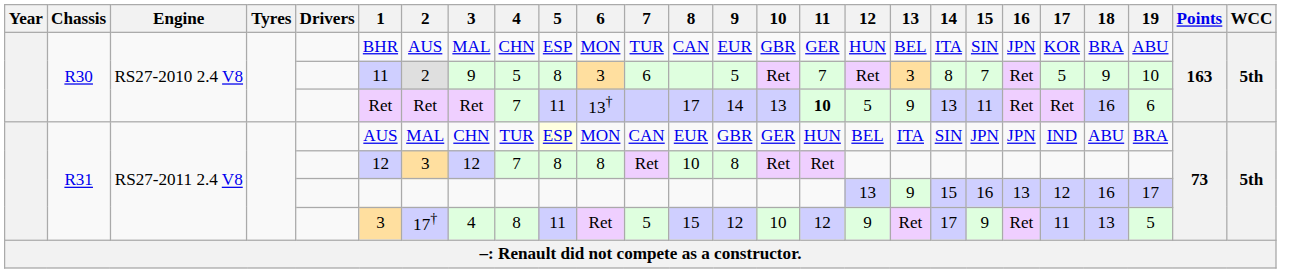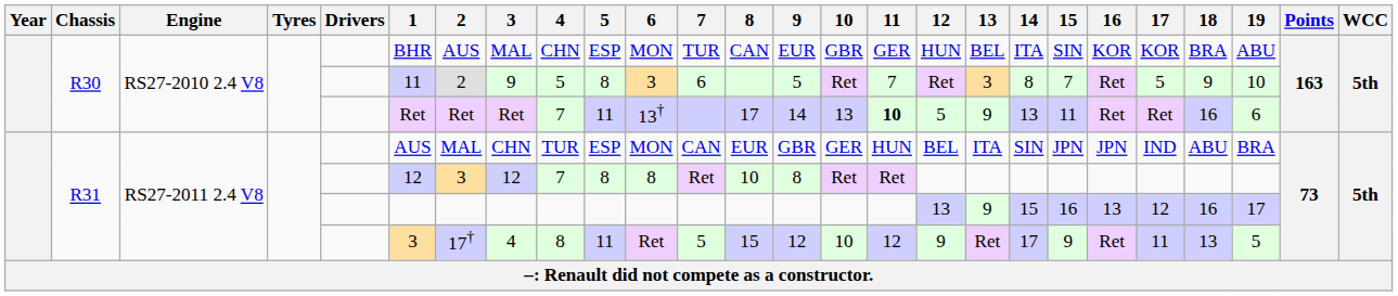 <table class="wikitable" style="text-align:center; font-size:85%">
 <tr>
 <th>Year</th>
 <th>Chassis</th>
 <th>Engine</th>
 <th>Tyres</th>
 <th>Drivers</th>
 <th>1</th>
 <th>2</th>
 <th>3</th>
 <th>4</th>
 <th>5</th>
 <th>6</th>
 <th>7</th>
 <th>8</th>
 <th>9</th>
 <th>10</th>
 <th>11</th>
 <th>12</th>
 <th>13</th>
 <th>14</th>
 <th>15</th>
 <th>16</th>
 <th>17</th>
 <th>18</th>
 <th>19</th>
 <th><a href='#'>Points</a></th>
 <th>WCC</th>
 </tr>
 <tr>
 <th rowspan="3"></th>
 <td rowspan="3"><a href='#'>R30</a></td>
 <td rowspan="3">RS27-2010 2.4 <a href='#'>V8</a></td>
 <td rowspan="3"></td>
 <td></td>
 <td><a href='#'>BHR</a></td>
 <td><a href='#'>AUS</a></td>
 <td><a href='#'>MAL</a></td>
 <td><a href='#'>CHN</a></td>
 <td><a href='#'>ESP</a></td>
 <td><a href='#'>MON</a></td>
 <td><a href='#'>TUR</a></td>
 <td><a href='#'>CAN</a></td>
 <td><a href='#'>EUR</a></td>
 <td><a href='#'>GBR</a></td>
 <td><a href='#'>GER</a></td>
 <td><a href='#'>HUN</a></td>
 <td><a href='#'>BEL</a></td>
 <td><a href='#'>ITA</a></td>
 <td><a href='#'>SIN</a></td>
-<td><a href='#'>JPN</a></td>
+<td><a href='#'>KOR</a></td>
 <td><a href='#'>KOR</a></td>
 <td><a href='#'>BRA</a></td>
 <td><a href='#'>ABU</a></td>
 <th rowspan="3">163</th>
 <th rowspan="3">5th</th>
 </tr>
 <tr>
 <td align="left"></td>
 <td style="background:#CFCFFF;">11</td>
 <td style="background:#DFDFDF;">2</td>
 <td style="background:#DFFFDF;">9</td>
 <td style="background:#DFFFDF;">5</td>
 <td style="background:#DFFFDF;">8</td>
 <td style="background:#FFDF9F;">3</td>
 <td style="background:#DFFFDF;">6</td>
 <td style="background:#DFFFDF;"></td>
 <td style="background:#DFFFDF;">5</td>
 <td style="background:#EFCFFF;">Ret</td>
 <td style="background:#DFFFDF;">7</td>
 <td style="background:#EFCFFF;">Ret</td>
 <td style="background:#FFDF9F;">3</td>
 <td style="background:#DFFFDF;">8</td>
 <td style="background:#DFFFDF;">7</td>
 <td style="background:#EFCFFF;">Ret</td>
 <td style="background:#DFFFDF;">5</td>
 <td style="background:#DFFFDF;">9</td>
 <td style="background:#DFFFDF;">10</td>
 </tr>
 <tr>
 <td align="left"></td>
 <td style="background:#EFCFFF;">Ret</td>
 <td style="background:#EFCFFF;">Ret</td>
 <td style="background:#EFCFFF;">Ret</td>
 <td style="background:#DFFFDF;">7</td>
 <td style="background:#CFCFFF;">11</td>
 <td style="background:#CFCFFF;">13<sup>†</sup></td>
 <td style="background:#CFCFFF;"></td>
 <td style="background:#CFCFFF;">17</td>
 <td style="background:#CFCFFF;">14</td>
 <td style="background:#CFCFFF;">13</td>
 <td style="background:#DFFFDF;"><strong>10</strong></td>
 <td style="background:#DFFFDF;">5</td>
 <td style="background:#DFFFDF;">9</td>
 <td style="background:#CFCFFF;">13</td>
 <td style="background:#CFCFFF;">11</td>
 <td style="background:#EFCFFF;">Ret</td>
 <td style="background:#EFCFFF;">Ret</td>
 <td style="background:#CFCFFF;">16</td>
 <td style="background:#DFFFDF;">6</td>
 </tr>
 <tr>
 <th rowspan="4"></th>
 <td rowspan="4"><a href='#'>R31</a></td>
 <td rowspan="4">RS27-2011 2.4 <a href='#'>V8</a></td>
 <td rowspan="4"></td>
 <td></td>
 <td><a href='#'>AUS</a></td>
 <td><a href='#'>MAL</a></td>
 <td><a href='#'>CHN</a></td>
 <td><a href='#'>TUR</a></td>
-<td style="background: lightyellow;"><a href='#'>ESP</a></td>
+<td><a href='#'>ESP</a></td>
 <td><a href='#'>MON</a></td>
 <td><a href='#'>CAN</a></td>
 <td><a href='#'>EUR</a></td>
 <td><a href='#'>GBR</a></td>
 <td><a href='#'>GER</a></td>
 <td><a href='#'>HUN</a></td>
 <td><a href='#'>BEL</a></td>
 <td><a href='#'>ITA</a></td>
 <td><a href='#'>SIN</a></td>
 <td><a href='#'>JPN</a></td>
 <td><a href='#'>JPN</a></td>
 <td><a href='#'>IND</a></td>
 <td><a href='#'>ABU</a></td>
 <td><a href='#'>BRA</a></td>
 <th rowspan="4">73</th>
 <th rowspan="4">5th</th>
 </tr>
 <tr>
 <td align="left"></td>
 <td style="background:#CFCFFF;">12</td>
 <td style="background:#FFDF9F;">3</td>
 <td style="background:#CFCFFF;">12</td>
 <td style="background:#DFFFDF;">7</td>
 <td style="background:#DFFFDF;">8</td>
 <td style="background:#DFFFDF;">8</td>
 <td style="background:#EFCFFF;">Ret</td>
 <td style="background:#DFFFDF;">10</td>
 <td style="background:#DFFFDF;">8</td>
 <td style="background:#EFCFFF;">Ret</td>
 <td style="background:#EFCFFF;">Ret</td>
 <td></td>
 <td></td>
 <td></td>
 <td></td>
 <td></td>
 <td></td>
 <td></td>
 <td></td>
 </tr>
 <tr>
 <td align="left"></td>
 <td></td>
 <td></td>
 <td></td>
 <td></td>
 <td></td>
 <td></td>
 <td></td>
 <td></td>
 <td></td>
 <td></td>
 <td></td>
 <td style="background:#CFCFFF;">13</td>
 <td style="background:#DFFFDF;">9</td>
 <td style="background:#CFCFFF;">15</td>
 <td style="background:#CFCFFF;">16</td>
 <td style="background:#CFCFFF;">13</td>
 <td style="background:#CFCFFF;">12</td>
 <td style="background:#CFCFFF;">16</td>
 <td style="background:#CFCFFF;">17</td>
 </tr>
 <tr>
 <td align="left"></td>
 <td style="background:#FFDF9F;">3</td>
 <td style="background:#CFCFFF;">17<sup>†</sup></td>
 <td style="background:#DFFFDF;">4</td>
 <td style="background:#DFFFDF;">8</td>
 <td style="background:#CFCFFF;">11</td>
 <td style="background:#EFCFFF;">Ret</td>
 <td style="background:#DFFFDF;">5</td>
 <td style="background:#CFCFFF;">15</td>
 <td style="background:#CFCFFF;">12</td>
 <td style="background:#DFFFDF;">10</td>
 <td style="background:#CFCFFF;">12</td>
 <td style="background:#DFFFDF;">9</td>
 <td style="background:#EFCFFF;">Ret</td>
 <td style="background:#CFCFFF;">17</td>
 <td style="background:#DFFFDF;">9</td>
 <td style="background:#EFCFFF;">Ret</td>
 <td style="background:#CFCFFF;">11</td>
 <td style="background:#CFCFFF;">13</td>
 <td style="background:#DFFFDF;">5</td>
 </tr>
 <tr>
 <th colspan="28" align="center">–: Renault did not compete as a constructor.</th>
 </tr>
 </table>
